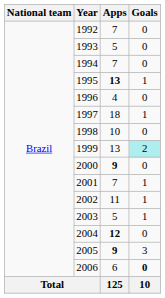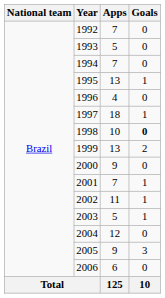 <table class="wikitable" style="text-align:center">
 <tr>
 <th>National team</th>
 <th>Year</th>
 <th>Apps</th>
 <th>Goals</th>
 </tr>
 <tr>
 <td rowspan="15"><a href='#'>Brazil</a></td>
 <td>1992</td>
 <td>7</td>
 <td>0</td>
 </tr>
 <tr>
 <td>1993</td>
 <td>5</td>
 <td>0</td>
 </tr>
 <tr>
 <td>1994</td>
 <td>7</td>
 <td>0</td>
 </tr>
 <tr>
 <td>1995</td>
-<td><strong>13</strong></td>
+<td>13</td>
 <td>1</td>
 </tr>
 <tr>
 <td>1996</td>
 <td>4</td>
 <td>0</td>
 </tr>
 <tr>
 <td>1997</td>
 <td>18</td>
 <td>1</td>
 </tr>
 <tr>
 <td>1998</td>
 <td>10</td>
-<td>0</td>
+<td><strong>0</strong></td>
 </tr>
 <tr>
 <td>1999</td>
 <td>13</td>
-<td style="background: paleturquoise;">2</td>
+<td>2</td>
 </tr>
 <tr>
 <td>2000</td>
-<td><strong>9</strong></td>
+<td>9</td>
 <td>0</td>
 </tr>
 <tr>
 <td>2001</td>
 <td>7</td>
 <td>1</td>
 </tr>
 <tr>
 <td>2002</td>
 <td>11</td>
 <td>1</td>
 </tr>
 <tr>
 <td>2003</td>
 <td>5</td>
 <td>1</td>
 </tr>
 <tr>
 <td>2004</td>
-<td><strong>12</strong></td>
+<td>12</td>
 <td>0</td>
 </tr>
 <tr>
 <td>2005</td>
-<td><strong>9</strong></td>
+<td>9</td>
 <td>3</td>
 </tr>
 <tr>
 <td>2006</td>
 <td>6</td>
-<td><strong>0</strong></td>
+<td>0</td>
 </tr>
 <tr>
 <th colspan="2">Total</th>
 <th>125</th>
 <th>10</th>
 </tr>
 </table>
